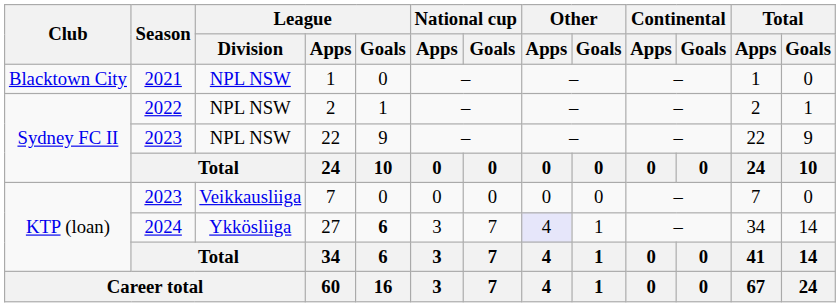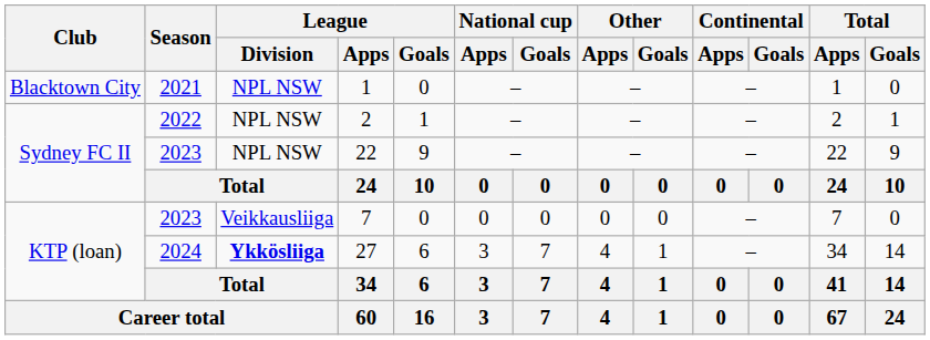 <table class="wikitable" style="text-align:center">
 <tr>
 <th rowspan="2">Club</th>
 <th rowspan="2">Season</th>
 <th colspan="3">League</th>
 <th colspan="2">National cup</th>
 <th colspan="2">Other</th>
 <th colspan="2">Continental</th>
 <th colspan="2">Total</th>
 </tr>
 <tr>
 <th>Division</th>
 <th>Apps</th>
 <th>Goals</th>
 <th>Apps</th>
 <th>Goals</th>
 <th>Apps</th>
 <th>Goals</th>
 <th>Apps</th>
 <th>Goals</th>
 <th>Apps</th>
 <th>Goals</th>
 </tr>
 <tr>
 <td><a href='#'>Blacktown City</a></td>
 <td><a href='#'>2021</a></td>
 <td><a href='#'>NPL NSW</a></td>
 <td>1</td>
 <td>0</td>
 <td colspan="2">–</td>
 <td colspan="2">–</td>
 <td colspan="2">–</td>
 <td>1</td>
 <td>0</td>
 </tr>
 <tr>
 <td rowspan="3"><a href='#'>Sydney FC II</a></td>
 <td><a href='#'>2022</a></td>
 <td>NPL NSW</td>
 <td>2</td>
 <td>1</td>
 <td colspan="2">–</td>
 <td colspan="2">–</td>
 <td colspan="2">–</td>
 <td>2</td>
 <td>1</td>
 </tr>
 <tr>
 <td><a href='#'>2023</a></td>
 <td>NPL NSW</td>
 <td>22</td>
 <td>9</td>
 <td colspan="2">–</td>
 <td colspan="2">–</td>
 <td colspan="2">–</td>
 <td>22</td>
 <td>9</td>
 </tr>
 <tr>
 <th colspan="2">Total</th>
 <th>24</th>
 <th>10</th>
 <th>0</th>
 <th>0</th>
 <th>0</th>
 <th>0</th>
 <th>0</th>
 <th>0</th>
 <th>24</th>
 <th>10</th>
 </tr>
 <tr>
 <td rowspan="3"><a href='#'>KTP</a> (loan)</td>
 <td><a href='#'>2023</a></td>
 <td><a href='#'>Veikkausliiga</a></td>
 <td>7</td>
 <td>0</td>
 <td>0</td>
 <td>0</td>
 <td>0</td>
 <td>0</td>
 <td colspan="2">–</td>
 <td>7</td>
 <td>0</td>
 </tr>
 <tr>
 <td><a href='#'>2024</a></td>
-<td><a href='#'>Ykkösliiga</a></td>
+<td><strong><a href='#'>Ykkösliiga</a></strong></td>
 <td>27</td>
-<td><strong>6</strong></td>
+<td>6</td>
 <td>3</td>
 <td>7</td>
-<td style="background: lavender;">4</td>
+<td>4</td>
 <td>1</td>
 <td colspan="2">–</td>
 <td>34</td>
 <td>14</td>
 </tr>
 <tr>
 <th colspan="2">Total</th>
 <th>34</th>
 <th>6</th>
 <th>3</th>
 <th>7</th>
 <th>4</th>
 <th>1</th>
 <th>0</th>
 <th>0</th>
 <th>41</th>
 <th>14</th>
 </tr>
 <tr>
 <th colspan="3">Career total</th>
 <th>60</th>
 <th>16</th>
 <th>3</th>
 <th>7</th>
 <th>4</th>
 <th>1</th>
 <th>0</th>
 <th>0</th>
 <th>67</th>
 <th>24</th>
 </tr>
 </table>
